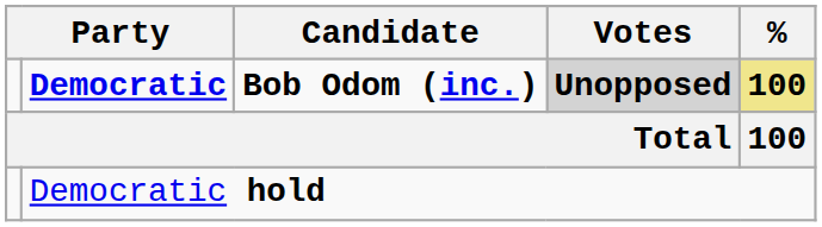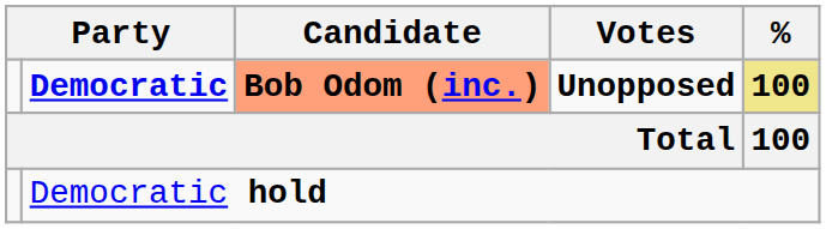 <table class=wikitable>
 <tr>
 <th colspan=2>Party</th>
 <th>Candidate</th>
 <th>Votes</th>
 <th>%</th>
 </tr>
 <tr>
 <td></td>
 <td><strong><a href='#'>Democratic</a></strong></td>
-<td><strong>Bob Odom (<a href='#'>inc.</a>)</strong></td>
-<td align=center style="background: lightgrey;"><strong>Unopposed</strong></td>
+<td style="background: lightsalmon;"><strong>Bob Odom (<a href='#'>inc.</a>)</strong></td>
+<td align=center><strong>Unopposed</strong></td>
 <td align=center style="background: khaki;"><strong>100</strong></td>
 </tr>
 <tr>
 <th colspan=4; style="text-align:right;">Total</th>
 <th align=center>100</th>
 </tr>
 <tr>
 <td></td>
 <td colspan=6; style="text-align:left;"><a href='#'>Democratic</a> <strong>hold</strong></td>
 </tr>
 </table>
